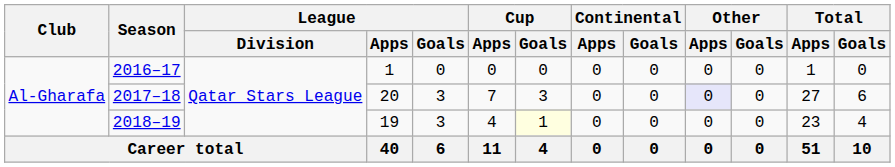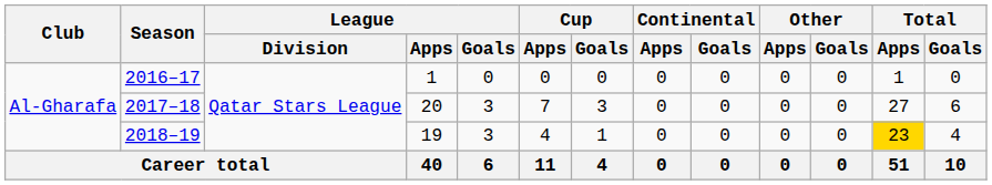 <table class="wikitable" style="text-align: center">
 <tr>
 <th rowspan="2">Club</th>
 <th rowspan="2">Season</th>
 <th colspan="3">League</th>
 <th colspan="2">Cup</th>
 <th colspan="2">Continental</th>
 <th colspan="2">Other</th>
 <th colspan="2">Total</th>
 </tr>
 <tr>
 <th>Division</th>
 <th>Apps</th>
 <th>Goals</th>
 <th>Apps</th>
 <th>Goals</th>
 <th>Apps</th>
 <th>Goals</th>
 <th>Apps</th>
 <th>Goals</th>
 <th>Apps</th>
 <th>Goals</th>
 </tr>
 <tr>
 <td rowspan="3"><a href='#'>Al-Gharafa</a></td>
 <td><a href='#'>2016–17</a></td>
 <td rowspan="3"><a href='#'>Qatar Stars League</a></td>
 <td>1</td>
 <td>0</td>
 <td>0</td>
 <td>0</td>
 <td>0</td>
 <td>0</td>
 <td>0</td>
 <td>0</td>
 <td>1</td>
 <td>0</td>
 </tr>
 <tr>
 <td><a href='#'>2017–18</a></td>
 <td>20</td>
 <td>3</td>
 <td>7</td>
 <td>3</td>
 <td>0</td>
 <td>0</td>
-<td style="background: lavender;">0</td>
+<td>0</td>
 <td>0</td>
 <td>27</td>
 <td>6</td>
 </tr>
 <tr>
 <td><a href='#'>2018–19</a></td>
 <td>19</td>
 <td>3</td>
 <td>4</td>
-<td style="background: lightyellow;">1</td>
+<td>1</td>
 <td>0</td>
 <td>0</td>
 <td>0</td>
 <td>0</td>
-<td>23</td>
+<td style="background: gold;">23</td>
 <td>4</td>
 </tr>
 <tr>
 <th colspan=3>Career total</th>
 <th>40</th>
 <th>6</th>
 <th>11</th>
 <th>4</th>
 <th>0</th>
 <th>0</th>
 <th>0</th>
 <th>0</th>
 <th>51</th>
 <th>10</th>
 </tr>
 </table>
